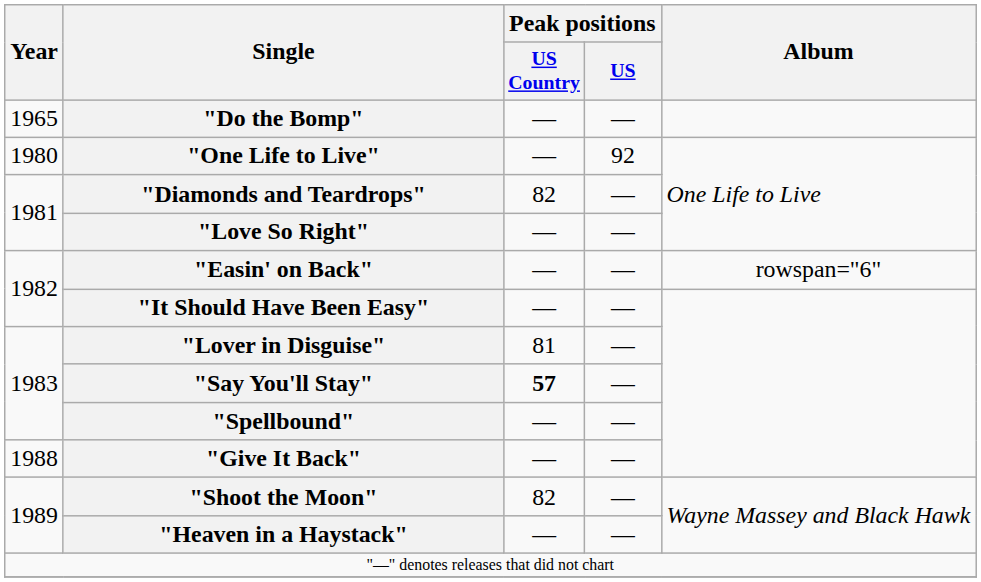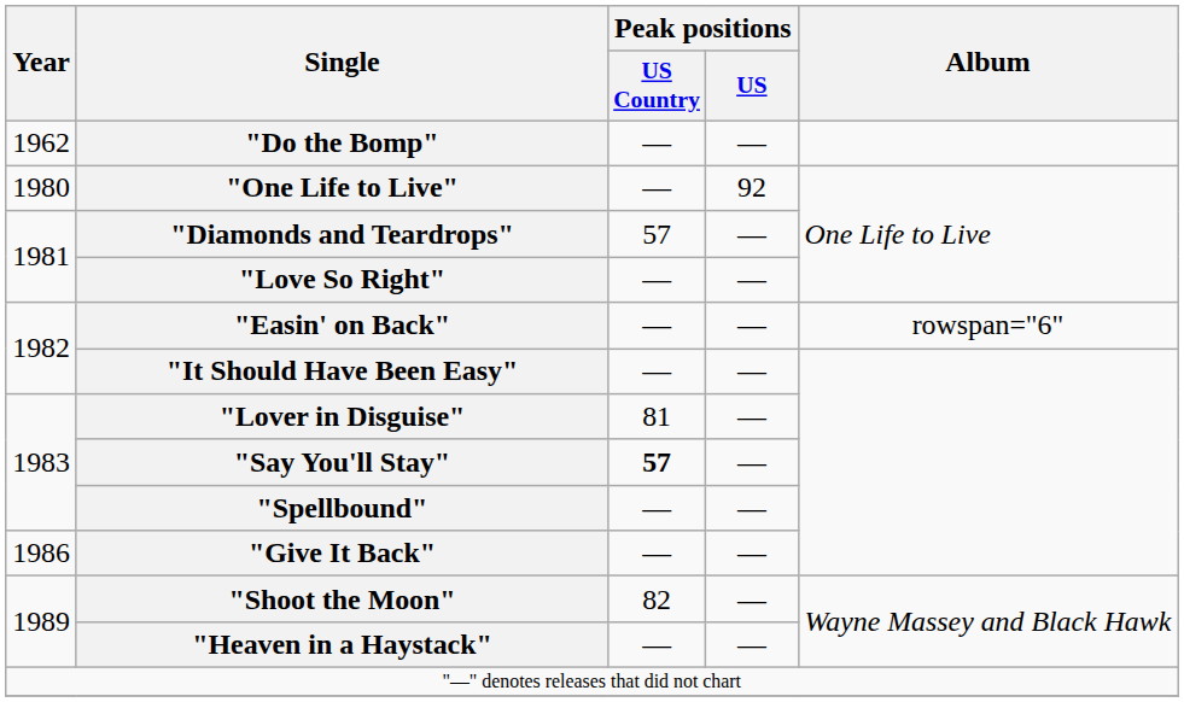 <table class="wikitable plainrowheaders" style="text-align:center;">
 <tr>
 <th rowspan="2">Year</th>
 <th rowspan="2" style="width:18em;">Single</th>
 <th colspan="2">Peak positions</th>
 <th rowspan="2">Album</th>
 </tr>
 <tr style="font-size:smaller;">
 <th style="width:45px;"><a href='#'>US Country</a></th>
 <th style="width:45px;"><a href='#'>US</a><br></th>
 </tr>
 <tr>
-<td>1965</td>
+<td>1962</td>
 <th scope="row">"Do the Bomp" </th>
 <td>—</td>
 <td>—</td>
 <td></td>
 </tr>
 <tr>
 <td>1980</td>
 <th scope="row">"One Life to Live"</th>
 <td>—</td>
 <td>92</td>
 <td rowspan="3" align="left"><em>One Life to Live</em></td>
 </tr>
 <tr>
 <td rowspan="2">1981</td>
 <th scope="row">"Diamonds and Teardrops"</th>
-<td>82</td>
+<td>57</td>
 <td>—</td>
 </tr>
 <tr>
 <th scope="row">"Love So Right"</th>
 <td>—</td>
 <td>—</td>
 </tr>
 <tr>
 <td rowspan="2">1982</td>
 <th scope="row">"Easin' on Back"</th>
 <td>—</td>
 <td>—</td>
 <td>rowspan="6" </td>
 </tr>
 <tr>
 <th scope="row">"It Should Have Been Easy"</th>
 <td>—</td>
 <td>—</td>
 </tr>
 <tr>
 <td rowspan="3">1983</td>
 <th scope="row">"Lover in Disguise"</th>
 <td>81</td>
 <td>—</td>
 </tr>
 <tr>
 <th scope="row">"Say You'll Stay"</th>
 <td><strong>57</strong></td>
 <td>—</td>
 </tr>
 <tr>
 <th scope="row">"Spellbound"</th>
 <td>—</td>
 <td>—</td>
 </tr>
 <tr>
-<td>1988</td>
+<td>1986</td>
 <th scope="row">"Give It Back"</th>
 <td>—</td>
 <td>—</td>
 </tr>
 <tr>
 <td rowspan="2">1989</td>
 <th scope="row">"Shoot the Moon"</th>
 <td>82</td>
 <td>—</td>
 <td rowspan="2" align="left"><em>Wayne Massey and Black Hawk</em></td>
 </tr>
 <tr>
 <th scope="row">"Heaven in a Haystack"</th>
 <td>—</td>
 <td>—</td>
 </tr>
 <tr>
 <td colspan="5" style="font-size:8pt">"—" denotes releases that did not chart</td>
 </tr>
 <tr>
 </tr>
 </table>
